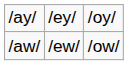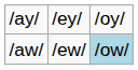 <table class="wikitable">
 <tr>
 <td>/ay/</td>
 <td>/ey/</td>
 <td>/oy/</td>
 </tr>
 <tr>
 <td>/aw/</td>
 <td>/ew/</td>
-<td>/ow/</td>
+<td style="background: lightblue;">/ow/</td>
 </tr>
 </table>
